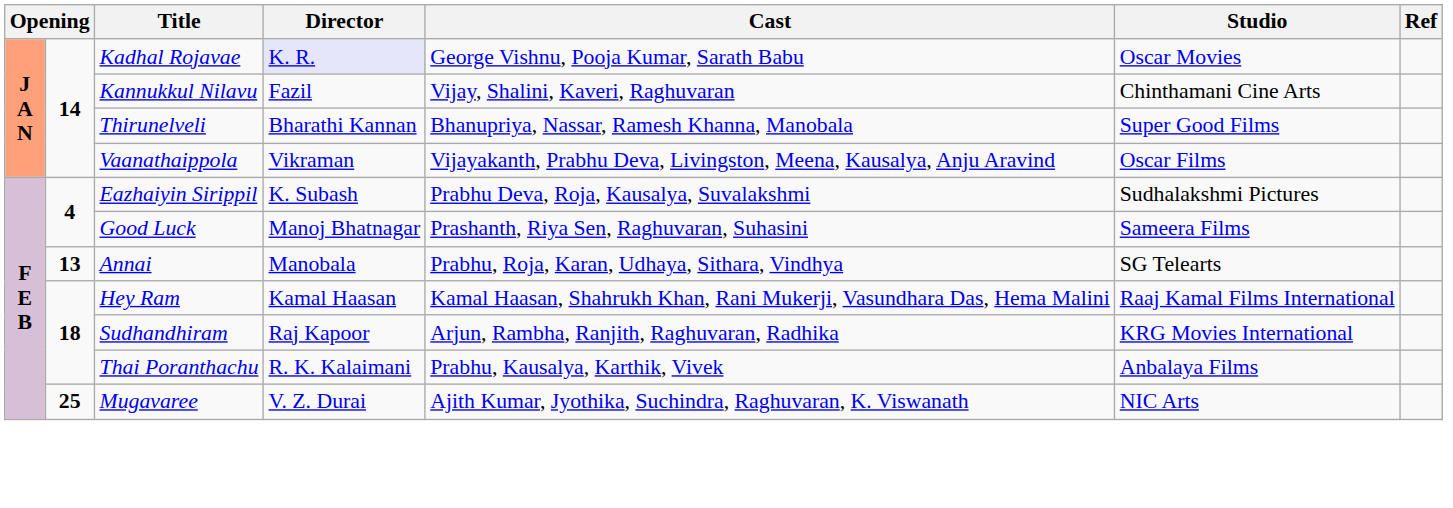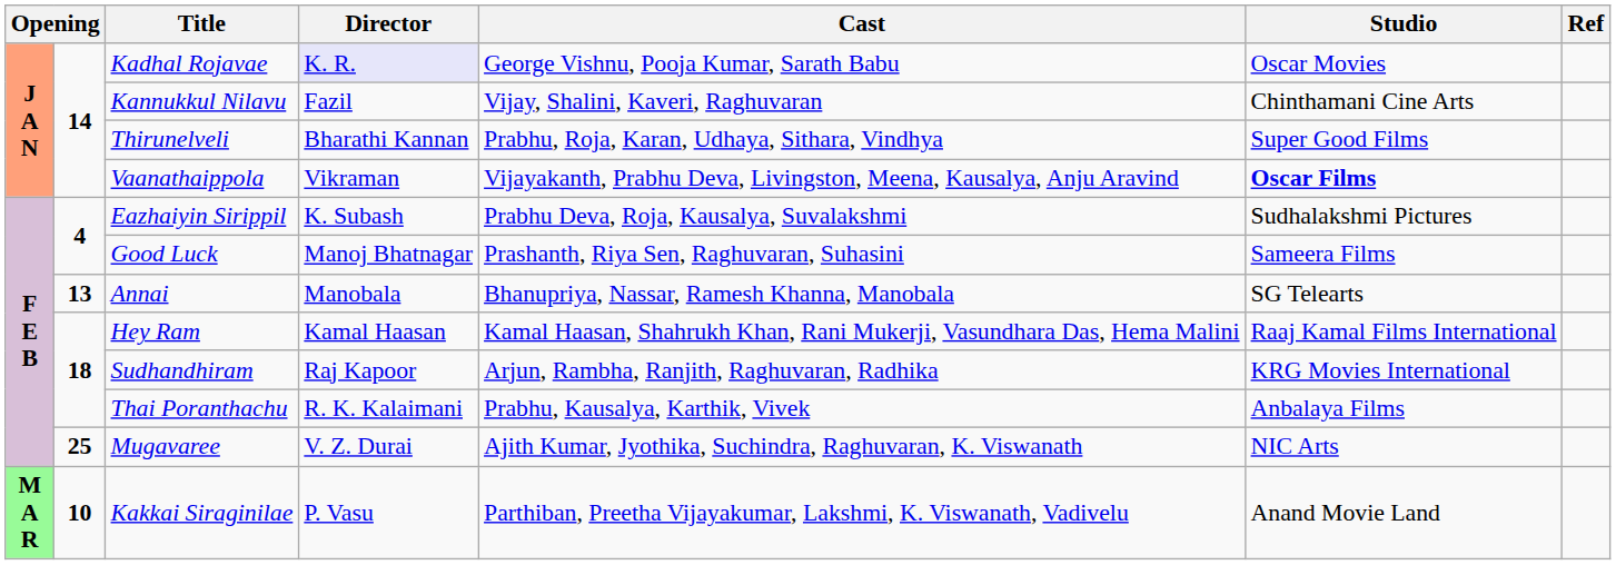 <table class="wikitable">
 <tr>
 <th colspan="2">Opening</th>
 <th>Title</th>
 <th>Director</th>
 <th>Cast</th>
 <th>Studio</th>
 <th>Ref</th>
 </tr>
 <tr>
 <td rowspan="4" valign="center" align="center" style="background:#FFA07A; textcolor:#000;"><strong>J<br>A<br>N</strong></td>
 <td rowspan="4" align="center"><strong>14</strong></td>
 <td><em><a href='#'>Kadhal Rojavae</a></em></td>
 <td style="background: lavender;"><a href='#'>K. R.</a></td>
 <td><a href='#'>George Vishnu</a>, <a href='#'>Pooja Kumar</a>, <a href='#'>Sarath Babu</a></td>
 <td><a href='#'>Oscar Movies</a></td>
 <td></td>
 </tr>
 <tr>
 <td><em><a href='#'>Kannukkul Nilavu</a></em></td>
 <td><a href='#'>Fazil</a></td>
 <td><a href='#'>Vijay</a>, <a href='#'>Shalini</a>, <a href='#'>Kaveri</a>, <a href='#'>Raghuvaran</a></td>
 <td>Chinthamani Cine Arts</td>
 <td></td>
 </tr>
 <tr>
 <td><em><a href='#'>Thirunelveli</a></em></td>
 <td><a href='#'>Bharathi Kannan</a></td>
-<td><a href='#'>Bhanupriya</a>, <a href='#'>Nassar</a>, <a href='#'>Ramesh Khanna</a>, <a href='#'>Manobala</a></td>
+<td><a href='#'>Prabhu</a>, <a href='#'>Roja</a>, <a href='#'>Karan</a>, <a href='#'>Udhaya</a>, <a href='#'>Sithara</a>, <a href='#'>Vindhya</a></td>
 <td><a href='#'>Super Good Films</a></td>
 <td></td>
 </tr>
 <tr>
 <td><em><a href='#'>Vaanathaippola</a></em></td>
 <td><a href='#'>Vikraman</a></td>
 <td><a href='#'>Vijayakanth</a>, <a href='#'>Prabhu Deva</a>, <a href='#'>Livingston</a>, <a href='#'>Meena</a>, <a href='#'>Kausalya</a>, <a href='#'>Anju Aravind</a></td>
-<td><a href='#'>Oscar Films</a></td>
+<td><strong><a href='#'>Oscar Films</a></strong></td>
 <td></td>
 </tr>
 <tr February!>
 <td rowspan="7" valign="center" align="center" style="background:#D8BFD8; textcolor:#000;"><strong>F<br>E<br>B</strong></td>
 <td rowspan="2" align="center"><strong>4</strong></td>
 <td><em><a href='#'>Eazhaiyin Sirippil</a></em></td>
 <td><a href='#'>K. Subash</a></td>
 <td><a href='#'>Prabhu Deva</a>, <a href='#'>Roja</a>, <a href='#'>Kausalya</a>, <a href='#'>Suvalakshmi</a></td>
 <td>Sudhalakshmi Pictures</td>
 <td></td>
 </tr>
 <tr>
 <td><em><a href='#'>Good Luck</a></em></td>
 <td><a href='#'>Manoj Bhatnagar</a></td>
 <td><a href='#'>Prashanth</a>, <a href='#'>Riya Sen</a>, <a href='#'>Raghuvaran</a>, <a href='#'>Suhasini</a></td>
 <td><a href='#'>Sameera Films</a></td>
 <td></td>
 </tr>
 <tr>
 <td rowspan="1" align="center"><strong>13</strong></td>
 <td><em><a href='#'>Annai</a></em></td>
 <td><a href='#'>Manobala</a></td>
-<td><a href='#'>Prabhu</a>, <a href='#'>Roja</a>, <a href='#'>Karan</a>, <a href='#'>Udhaya</a>, <a href='#'>Sithara</a>, <a href='#'>Vindhya</a></td>
+<td><a href='#'>Bhanupriya</a>, <a href='#'>Nassar</a>, <a href='#'>Ramesh Khanna</a>, <a href='#'>Manobala</a></td>
 <td>SG Telearts</td>
 <td></td>
 </tr>
 <tr>
 <td rowspan="3" align="center"><strong>18</strong></td>
 <td><em><a href='#'>Hey Ram</a></em></td>
 <td><a href='#'>Kamal Haasan</a></td>
 <td><a href='#'>Kamal Haasan</a>, <a href='#'>Shahrukh Khan</a>, <a href='#'>Rani Mukerji</a>, <a href='#'>Vasundhara Das</a>, <a href='#'>Hema Malini</a></td>
 <td><a href='#'>Raaj Kamal Films International</a></td>
 <td></td>
 </tr>
 <tr>
 <td><em><a href='#'>Sudhandhiram</a></em></td>
 <td><a href='#'>Raj Kapoor</a></td>
 <td><a href='#'>Arjun</a>, <a href='#'>Rambha</a>, <a href='#'>Ranjith</a>, <a href='#'>Raghuvaran</a>, <a href='#'>Radhika</a></td>
 <td><a href='#'>KRG Movies International</a></td>
 <td></td>
 </tr>
 <tr>
 <td><em><a href='#'>Thai Poranthachu</a></em></td>
 <td><a href='#'>R. K. Kalaimani</a></td>
 <td><a href='#'>Prabhu</a>, <a href='#'>Kausalya</a>, <a href='#'>Karthik</a>, <a href='#'>Vivek</a></td>
 <td><a href='#'>Anbalaya Films</a></td>
 <td></td>
 </tr>
 <tr>
 <td rowspan="1" align="center"><strong>25</strong></td>
 <td><em><a href='#'>Mugavaree</a></em></td>
 <td><a href='#'>V. Z. Durai</a></td>
 <td><a href='#'>Ajith Kumar</a>, <a href='#'>Jyothika</a>, <a href='#'>Suchindra</a>, <a href='#'>Raghuvaran</a>, <a href='#'>K. Viswanath</a></td>
 <td><a href='#'>NIC Arts</a></td>
 <td></td>
 </tr>
+<tr March>
+<td rowspan="1" valign="center" align="center" style="background:#98FB98; textcolor:#000;"><strong>M<br>A<br>R</strong></td>
+<td rowspan="1" align="center"><strong>10</strong></td>
+<td><em><a href='#'>Kakkai Siraginilae</a></em></td>
+<td><a href='#'>P. Vasu</a></td>
+<td><a href='#'>Parthiban</a>, <a href='#'>Preetha Vijayakumar</a>, <a href='#'>Lakshmi</a>, <a href='#'>K. Viswanath</a>, <a href='#'>Vadivelu</a></td>
+<td>Anand Movie Land</td>
+<td></td>
+</tr>
 </table>
